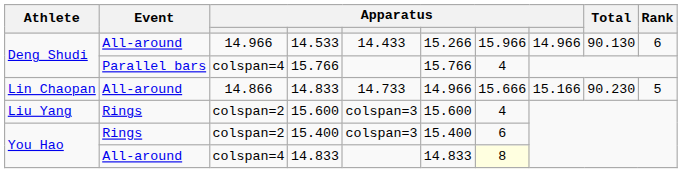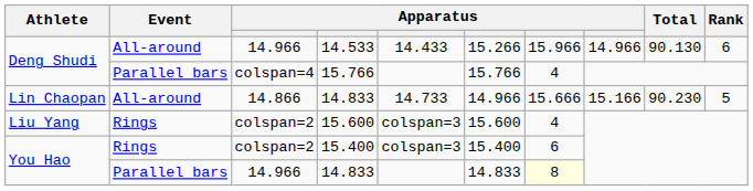 <table class="wikitable" style="font-size:90%">
 <tr>
 <th rowspan=2>Athlete</th>
 <th rowspan=2>Event</th>
 <th colspan =6>Apparatus</th>
 <th rowspan=2>Total</th>
 <th rowspan=2>Rank</th>
 </tr>
 <tr style="font-size:95%">
 <th></th>
 <th></th>
 <th></th>
 <th></th>
 <th></th>
 <th></th>
 </tr>
 <tr align=center>
 <td align=left rowspan=2><a href='#'>Deng Shudi</a></td>
 <td align=left><a href='#'>All-around</a></td>
 <td>14.966</td>
 <td>14.533</td>
 <td>14.433</td>
 <td>15.266</td>
 <td>15.966</td>
 <td>14.966</td>
 <td>90.130</td>
 <td>6</td>
 </tr>
 <tr align=center>
 <td align=left><a href='#'>Parallel bars</a></td>
 <td>colspan=4 </td>
 <td>15.766</td>
 <td></td>
 <td>15.766</td>
 <td>4</td>
 </tr>
 <tr align=center>
 <td align=left><a href='#'>Lin Chaopan</a></td>
 <td align=left><a href='#'>All-around</a></td>
 <td>14.866</td>
 <td>14.833</td>
 <td>14.733</td>
 <td>14.966</td>
 <td>15.666</td>
 <td>15.166</td>
 <td>90.230</td>
 <td>5</td>
 </tr>
 <tr align=center>
 <td align=left><a href='#'>Liu Yang</a></td>
 <td align=left><a href='#'>Rings</a></td>
 <td>colspan=2 </td>
 <td>15.600</td>
 <td>colspan=3 </td>
 <td>15.600</td>
 <td>4</td>
 </tr>
 <tr align=center>
 <td align=left rowspan=2><a href='#'>You Hao</a></td>
 <td align=left><a href='#'>Rings</a></td>
 <td>colspan=2 </td>
 <td>15.400</td>
 <td>colspan=3 </td>
 <td>15.400</td>
 <td>6</td>
 </tr>
 <tr align=center>
-<td align=left><a href='#'>All-around</a></td>
-<td>colspan=4 </td>
+<td align=left><a href='#'>Parallel bars</a></td>
+<td>14.966</td>
 <td>14.833</td>
 <td></td>
 <td>14.833</td>
 <td style="background: lightyellow;">8</td>
 </tr>
 </table>
